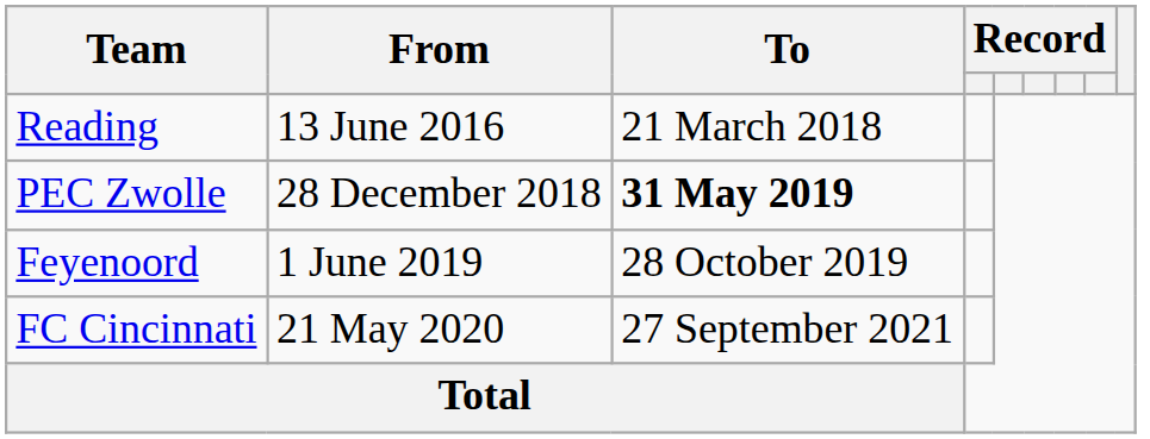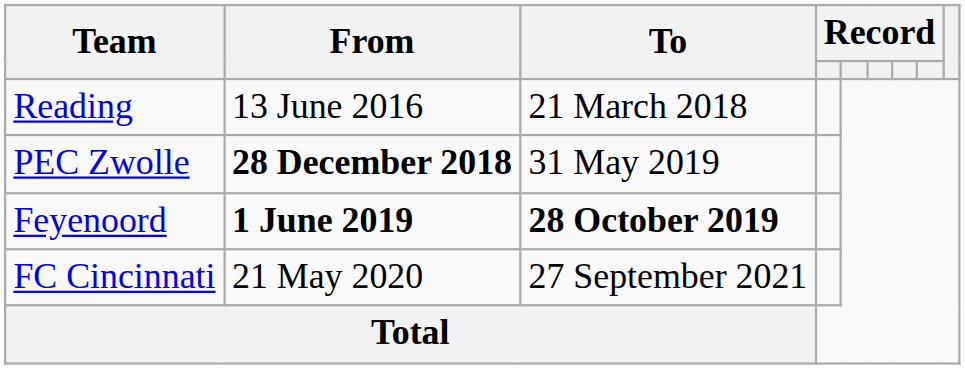 <table class=wikitable style=text-align:center>
 <tr>
 <th rowspan=2>Team</th>
 <th rowspan=2>From</th>
 <th rowspan=2>To</th>
 <th colspan=5>Record</th>
 <th rowspan=2></th>
 </tr>
 <tr>
 <th></th>
 <th></th>
 <th></th>
 <th></th>
 <th></th>
 </tr>
 <tr>
 <td align=left><a href='#'>Reading</a></td>
 <td align=left>13 June 2016</td>
 <td align=left>21 March 2018<br></td>
 <td></td>
 </tr>
 <tr>
 <td align=left><a href='#'>PEC Zwolle</a></td>
-<td align=left>28 December 2018</td>
-<td align=left><strong>31 May 2019<br></strong></td>
+<td align=left><strong>28 December 2018</strong></td>
+<td align=left>31 May 2019<br></td>
 <td></td>
 </tr>
 <tr>
 <td align=left><a href='#'>Feyenoord</a></td>
-<td align=left>1 June 2019</td>
-<td align=left>28 October 2019<br></td>
+<td align=left><strong>1 June 2019</strong></td>
+<td align=left><strong>28 October 2019<br></strong></td>
 <td></td>
 </tr>
 <tr>
 <td align=left><a href='#'>FC Cincinnati</a></td>
 <td align=left>21 May 2020</td>
 <td align=left>27 September 2021<br></td>
 <td></td>
 </tr>
 <tr>
 <th colspan=3>Total<br></th>
 </tr>
 </table>
